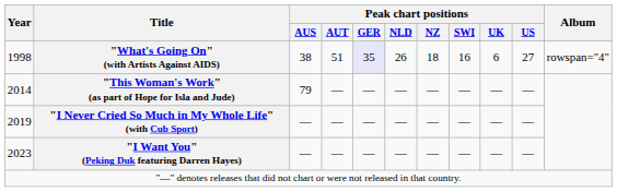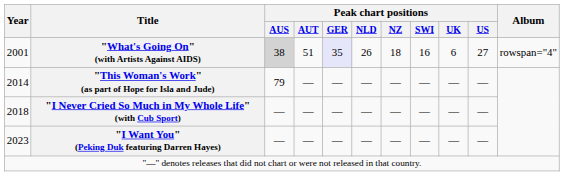 <table class="wikitable plainrowheaders" style="text-align:center;" border="1">
 <tr>
 <th scope="col" rowspan="2">Year</th>
 <th scope="col" rowspan="2" style="width:21em;">Title</th>
 <th scope="col" colspan="8">Peak chart positions</th>
 <th scope="col" rowspan="2">Album</th>
 </tr>
 <tr>
 <th scope="col" style="width:2.5em;font-size:90%;"><a href='#'>AUS</a><br></th>
 <th scope="col" style="width:2.5em;font-size:90%;"><a href='#'>AUT</a><br></th>
 <th scope="col" style="width:2.5em;font-size:90%;"><a href='#'>GER</a><br></th>
 <th scope="col" style="width:2.5em;font-size:90%;"><a href='#'>NLD</a><br></th>
 <th scope="col" style="width:2.5em;font-size:90%;"><a href='#'>NZ</a><br></th>
 <th scope="col" style="width:2.5em;font-size:90%;"><a href='#'>SWI</a><br></th>
 <th scope="col" style="width:2.5em;font-size:90%;"><a href='#'>UK</a><br></th>
 <th scope="col" style="width:2.5em;font-size:90%;"><a href='#'>US</a><br></th>
 </tr>
 <tr>
-<td>1998</td>
+<td>2001</td>
 <th scope="row">"<a href='#'>What's Going On</a>"<br><small>(with Artists Against AIDS)</small></th>
-<td>38</td>
+<td style="background: lightgrey;">38</td>
 <td>51</td>
 <td style="background: lavender;">35</td>
 <td>26</td>
 <td>18</td>
 <td>16</td>
 <td>6</td>
 <td>27</td>
 <td>rowspan="4" </td>
 </tr>
 <tr>
 <td>2014</td>
 <th scope="row">"<a href='#'>This Woman's Work</a>"<br><small>(as part of Hope for Isla and Jude)</small></th>
 <td>79</td>
 <td>—</td>
 <td>—</td>
 <td>—</td>
 <td>—</td>
 <td>—</td>
 <td>—</td>
 <td>—</td>
 </tr>
 <tr>
-<td>2019</td>
+<td>2018</td>
 <th scope="row">"<a href='#'>I Never Cried So Much in My Whole Life</a>"<br><small>(with <a href='#'>Cub Sport</a>)</small></th>
 <td>—</td>
 <td>—</td>
 <td>—</td>
 <td>—</td>
 <td>—</td>
 <td>—</td>
 <td>—</td>
 <td>—</td>
 </tr>
 <tr>
 <td>2023</td>
 <th scope="row">"<a href='#'>I Want You</a>"<br><small>(<a href='#'>Peking Duk</a> featuring Darren Hayes)</small></th>
 <td>—</td>
 <td>—</td>
 <td>—</td>
 <td>—</td>
 <td>—</td>
 <td>—</td>
 <td>—</td>
 <td>—</td>
 </tr>
 <tr>
 <td colspan="14" style="font-size: 85%">"—" denotes releases that did not chart or were not released in that country.</td>
 </tr>
 </table>
